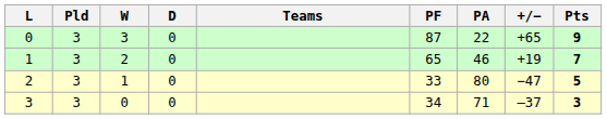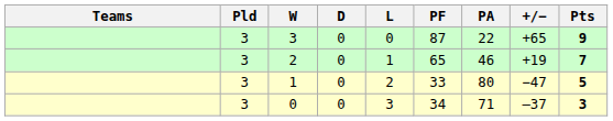 <table class="wikitable" style="text-align: center;">
 <tr>
-<th width="40">L</th>
+<th width="200">Teams</th>
 <th width="40">Pld</th>
 <th width="40">W</th>
 <th width="40">D</th>
-<th width="200">Teams</th>
+<th width="40">L</th>
 <th width="40">PF</th>
 <th width="40">PA</th>
 <th width="40">+/−</th>
 <th width="40">Pts</th>
 </tr>
 <tr bgcolor=ccffcc>
-<td>0</td>
+<td align=left></td>
 <td>3</td>
 <td>3</td>
 <td>0</td>
-<td align=left></td>
+<td>0</td>
 <td>87</td>
 <td>22</td>
 <td>+65</td>
 <td><strong>9</strong></td>
 </tr>
 <tr bgcolor=ccffcc>
-<td>1</td>
+<td align=left></td>
 <td>3</td>
 <td>2</td>
 <td>0</td>
-<td align=left></td>
+<td>1</td>
 <td>65</td>
 <td>46</td>
 <td>+19</td>
 <td><strong>7</strong></td>
 </tr>
 <tr bgcolor=ffffcc>
-<td>2</td>
+<td align=left></td>
 <td>3</td>
 <td>1</td>
 <td>0</td>
-<td align=left></td>
+<td>2</td>
 <td>33</td>
 <td>80</td>
 <td>−47</td>
 <td><strong>5</strong></td>
 </tr>
 <tr bgcolor=ffffcc>
-<td>3</td>
+<td align=left></td>
 <td>3</td>
 <td>0</td>
 <td>0</td>
-<td align=left></td>
+<td>3</td>
 <td>34</td>
 <td>71</td>
 <td>–37</td>
 <td><strong>3</strong></td>
 </tr>
 </table>
